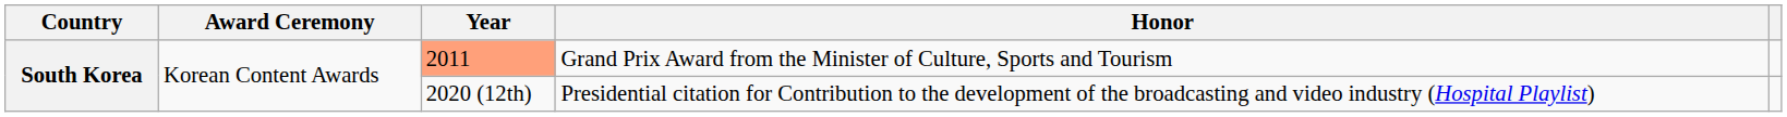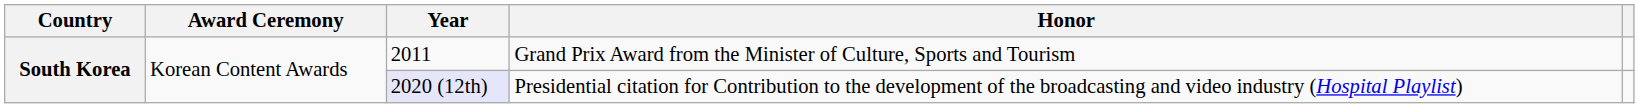 <table class="wikitable sortable plainrowheaders" style="text-align:left; font-size:100%; padding:0 auto; width:100%; margin:auto">
 <tr>
 <th scope="col">Country</th>
 <th scope="col">Award Ceremony</th>
 <th scope="col">Year</th>
 <th scope="col">Honor</th>
 <th class="unsortable" scope="col"></th>
 </tr>
 <tr>
 <th scope="row" rowspan="2">South Korea</th>
 <td rowspan="2">Korean Content Awards</td>
-<td style="background: lightsalmon;">2011</td>
+<td>2011</td>
 <td>Grand Prix Award from the Minister of Culture, Sports and Tourism</td>
 <td></td>
 </tr>
 <tr>
-<td>2020 (12th)</td>
+<td style="background: lavender;">2020 (12th)</td>
 <td>Presidential citation for Contribution to the development of the broadcasting and video industry  (<em><a href='#'>Hospital Playlist</a></em>)</td>
 <td></td>
 </tr>
 </table>
